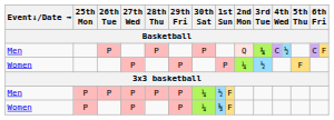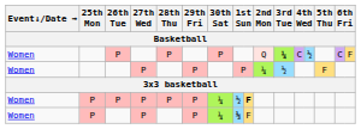 <table class="wikitable" style="margin:0.5em auto; font-size:90%; line-height:1.25em; text-align:center;">
 <tr>
 <th>Event↓/Date →</th>
 <th>25th<br>Mon</th>
 <th>26th<br>Tue</th>
 <th>27th<br>Wed</th>
 <th>28th<br>Thu</th>
 <th>29th<br>Fri</th>
 <th>30th<br>Sat</th>
 <th colspan=2>1st<br>Sun</th>
 <th>2nd<br>Mon</th>
 <th>3rd<br>Tue</th>
 <th colspan=2>4th<br>Wed</th>
 <th>5th<br>Thu</th>
 <th colspan=2>6th<br>Fri</th>
 </tr>
 <tr>
 <th colspan=16>Basketball</th>
 </tr>
 <tr>
-<td style="text-align:left;"><a href='#'>Men</a></td>
+<td style="text-align:left;"><a href='#'>Women</a></td>
 <td></td>
 <td bgcolor="#FFBBBB">P</td>
 <td></td>
 <td bgcolor="#FFBBBB">P</td>
 <td></td>
 <td bgcolor="#FFBBBB">P</td>
 <td colspan=2></td>
 <td bgcolor="#FFE4E1">Q</td>
 <td bgcolor="#AFF55B"><strong>¼</strong></td>
 <td bgcolor="#D0A9F5">C</td>
 <td bgcolor="#97DEFF">½</td>
 <td></td>
 <td bgcolor="#D0A9F5">C</td>
 <td bgcolor="#FFDF80">F</td>
 </tr>
 <tr>
 <td style="text-align:left;"><a href='#'>Women</a></td>
 <td></td>
 <td></td>
 <td bgcolor="#FFBBBB">P</td>
 <td></td>
 <td bgcolor="#FFBBBB">P</td>
 <td></td>
 <td colspan=2 bgcolor="#FFBBBB">P</td>
 <td bgcolor="#AFF55B">¼</td>
 <td bgcolor="#97DEFF">½</td>
 <td colspan=2></td>
 <td bgcolor="#FFDF80">F</td>
 <td colspan=2></td>
 </tr>
 <tr>
 <th colspan=16>3x3 basketball</th>
 </tr>
 <tr>
-<td style="text-align:left;"><a href='#'>Men</a></td>
+<td style="text-align:left;"><a href='#'>Women</a></td>
 <td bgcolor="#FFBBBB">P</td>
 <td bgcolor="#FFBBBB">P</td>
 <td bgcolor="#FFBBBB">P</td>
 <td bgcolor="#FFBBBB">P</td>
 <td bgcolor="#FFBBBB">P</td>
 <td bgcolor="#AFF55B">¼</td>
 <td bgcolor="#97DEFF">½</td>
-<td bgcolor="#FFDF80">F</td>
+<td bgcolor="#FFDF80"><strong>F</strong></td>
 <td></td>
 <td></td>
 <td colspan=2></td>
 <td></td>
 <td colspan=2></td>
 </tr>
 <tr>
 <td style="text-align:left;"><a href='#'>Women</a></td>
 <td bgcolor="#FFBBBB">P</td>
 <td></td>
 <td bgcolor="#FFBBBB">P</td>
 <td></td>
 <td bgcolor="#FFBBBB">P</td>
 <td bgcolor="#AFF55B">¼</td>
 <td bgcolor="#97DEFF"><strong>½</strong></td>
 <td bgcolor="#FFDF80">F</td>
 <td></td>
 <td></td>
 <td colspan=2></td>
 <td></td>
 <td colspan=2></td>
 </tr>
 </table>
